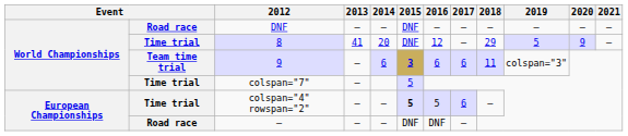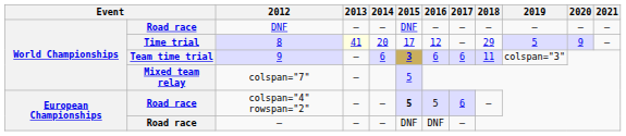 <table class="wikitable plainrowheaders">
 <tr>
 <th scope="col" colspan=2>Event</th>
 <th scope="col">2012</th>
 <th scope="col">2013</th>
 <th scope="col">2014</th>
 <th scope="col">2015</th>
 <th scope="col">2016</th>
 <th scope="col">2017</th>
 <th scope="col">2018</th>
 <th scope="col">2019</th>
 <th scope="col">2020</th>
 <th scope="col">2021</th>
 </tr>
 <tr style="text-align:center;">
 <th scope="row" rowspan=4> <a href='#'>World Championships</a></th>
 <th scope="row"><a href='#'>Road race</a></th>
 <td><a href='#'>DNF</a></td>
 <td>—</td>
 <td>—</td>
 <td><a href='#'>DNF</a></td>
 <td>—</td>
 <td>—</td>
 <td>—</td>
 <td>—</td>
 <td>—</td>
 <td>—</td>
 </tr>
 <tr style="text-align:center;">
 <th scope="row"><a href='#'>Time trial</a></th>
 <td style="background:#ddf;"><a href='#'>8</a></td>
-<td><a href='#'>41</a></td>
+<td style="background: lightyellow;"><a href='#'>41</a></td>
 <td><a href='#'>20</a></td>
-<td><a href='#'>DNF</a></td>
+<td><a href='#'>17</a></td>
 <td><a href='#'>12</a></td>
 <td>—</td>
 <td><a href='#'>29</a></td>
 <td style="background:#ddf;"><a href='#'>5</a></td>
 <td style="background:#ddf;"><a href='#'>9</a></td>
 <td>—</td>
 </tr>
 <tr style="text-align:center;">
 <th scope="row"><a href='#'>Team time trial</a></th>
 <td style="background:#ddf;"><a href='#'>9</a></td>
 <td>—</td>
 <td style="background:#ddf;"><a href='#'>6</a></td>
 <th style="background:#C9AE5D;"><a href='#'>3</a></th>
 <td style="background:#ddf;"><a href='#'>6</a></td>
 <td style="background:#ddf;"><a href='#'>6</a></td>
 <td style="background:#ddf;"><a href='#'>11</a></td>
 <td>colspan="3" </td>
 </tr>
 <tr style="text-align:center;">
-<th scope="row">Time trial</th>
+<th scope="row"><a href='#'>Mixed team relay</a></th>
 <td>colspan="7" </td>
 <td>—</td>
 <td></td>
 <td style="background:#ddf;"><a href='#'>5</a></td>
 </tr>
 <tr style="text-align:center;">
 <th scope="row" rowspan=2> <a href='#'>European Championships</a></th>
-<th scope="row">Time trial</th>
+<th scope="row"><a href='#'>Road race</a></th>
 <td>colspan="4" rowspan="2" </td>
 <td>—</td>
 <td>—</td>
 <td style="background:#ddf;"><strong>5</strong></td>
 <td style="background:#ddf;">5</td>
 <td style="background:#ddf;"><a href='#'>6</a></td>
 <td>—</td>
 </tr>
 <tr style="text-align:center;">
 <th scope="row">Road race</th>
 <td>—</td>
 <td>—</td>
 <td>—</td>
 <td>DNF</td>
 <td>DNF</td>
 <td>—</td>
 </tr>
 </table>
